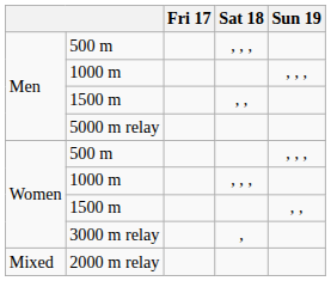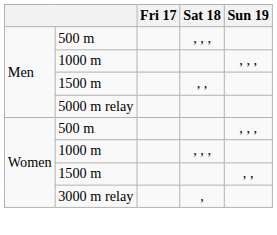 <table class="wikitable" style="text-align:center;">
 <tr>
 <th colspan=2></th>
 <th>Fri 17</th>
 <th>Sat 18</th>
 <th>Sun 19</th>
 </tr>
 <tr>
 <td rowspan=4 align=left>Men</td>
 <td align=left>500 m</td>
 <td></td>
 <td>, , , </td>
 <td></td>
 </tr>
 <tr>
 <td align=left>1000 m</td>
 <td></td>
 <td></td>
 <td>, , , </td>
 </tr>
 <tr>
 <td align=left>1500 m</td>
 <td></td>
 <td>, , </td>
 <td></td>
 </tr>
 <tr>
 <td align=left>5000 m relay</td>
 <td></td>
 <td></td>
 <td></td>
 </tr>
 <tr>
 <td rowspan=4 align=left>Women</td>
 <td align=left>500 m</td>
 <td></td>
 <td></td>
 <td>, , , </td>
 </tr>
 <tr>
 <td align=left>1000 m</td>
 <td></td>
 <td>, , , </td>
 <td></td>
 </tr>
 <tr>
 <td align=left>1500 m</td>
 <td></td>
 <td></td>
 <td>, , </td>
 </tr>
 <tr>
 <td align=left>3000 m relay</td>
 <td></td>
 <td>, </td>
 <td></td>
 </tr>
-<tr>
-<td align=left>Mixed</td>
-<td align=left>2000 m relay</td>
-<td></td>
-<td></td>
-<td></td>
-</tr>
 </table>
